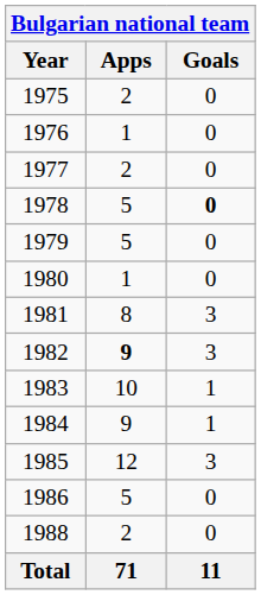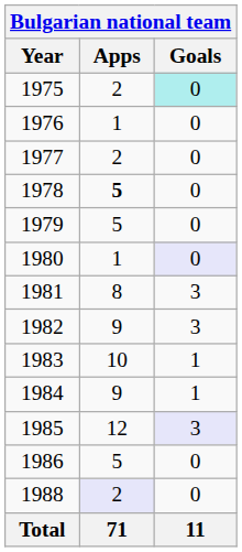 <table class="wikitable" style="text-align:center">
 <tr>
 <th colspan=3><a href='#'>Bulgarian national team</a></th>
 </tr>
 <tr>
 <th>Year</th>
 <th>Apps</th>
 <th>Goals</th>
 </tr>
 <tr>
 <td>1975</td>
 <td>2</td>
-<td>0</td>
+<td style="background: paleturquoise;">0</td>
 </tr>
 <tr>
 <td>1976</td>
 <td>1</td>
 <td>0</td>
 </tr>
 <tr>
 <td>1977</td>
 <td>2</td>
 <td>0</td>
 </tr>
 <tr>
 <td>1978</td>
-<td>5</td>
-<td><strong>0</strong></td>
+<td><strong>5</strong></td>
+<td>0</td>
 </tr>
 <tr>
 <td>1979</td>
 <td>5</td>
 <td>0</td>
 </tr>
 <tr>
 <td>1980</td>
 <td>1</td>
-<td>0</td>
+<td style="background: lavender;">0</td>
 </tr>
 <tr>
 <td>1981</td>
 <td>8</td>
 <td>3</td>
 </tr>
 <tr>
 <td>1982</td>
-<td><strong>9</strong></td>
+<td>9</td>
 <td>3</td>
 </tr>
 <tr>
 <td>1983</td>
 <td>10</td>
 <td>1</td>
 </tr>
 <tr>
 <td>1984</td>
 <td>9</td>
 <td>1</td>
 </tr>
 <tr>
 <td>1985</td>
 <td>12</td>
-<td>3</td>
+<td style="background: lavender;">3</td>
 </tr>
 <tr>
 <td>1986</td>
 <td>5</td>
 <td>0</td>
 </tr>
 <tr>
 <td>1988</td>
-<td>2</td>
+<td style="background: lavender;">2</td>
 <td>0</td>
 </tr>
 <tr>
 <th>Total</th>
 <th>71</th>
 <th>11</th>
 </tr>
 </table>
